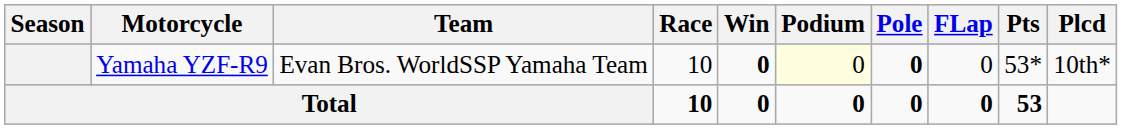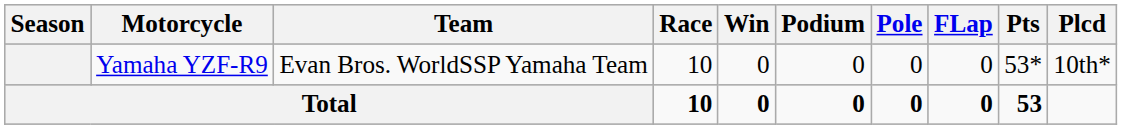 <table class="wikitable" style="text-align:right;">
 <tr>
 <th>Season</th>
 <th>Motorcycle</th>
 <th>Team</th>
 <th>Race</th>
 <th>Win</th>
 <th>Podium</th>
 <th><a href='#'>Pole</a></th>
 <th><a href='#'>FLap</a></th>
 <th>Pts</th>
 <th>Plcd</th>
 </tr>
 <tr>
 <th></th>
 <td><a href='#'>Yamaha YZF-R9</a></td>
 <td>Evan Bros. WorldSSP Yamaha Team</td>
 <td>10</td>
-<td><strong>0</strong></td>
-<td style="background: lightyellow;">0</td>
-<td><strong>0</strong></td>
+<td>0</td>
+<td>0</td>
+<td>0</td>
 <td>0</td>
 <td>53*</td>
 <td>10th*</td>
 </tr>
 <tr>
 <th colspan="3">Total</th>
 <td><strong>10</strong></td>
 <td><strong>0</strong></td>
 <td><strong>0</strong></td>
 <td><strong>0</strong></td>
 <td><strong>0</strong></td>
 <td><strong>53</strong></td>
 <td></td>
 </tr>
 </table>
